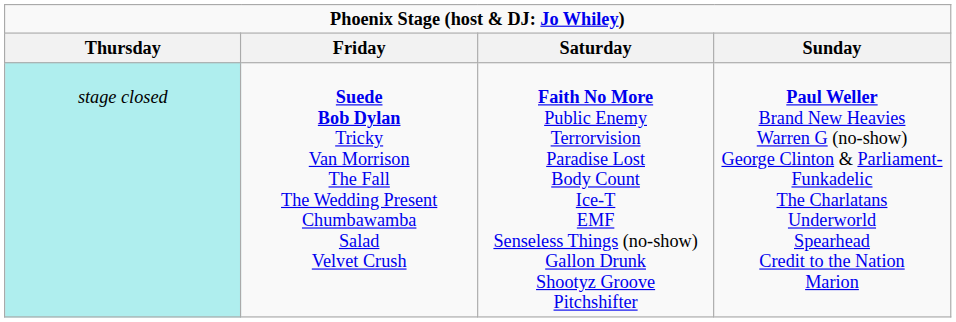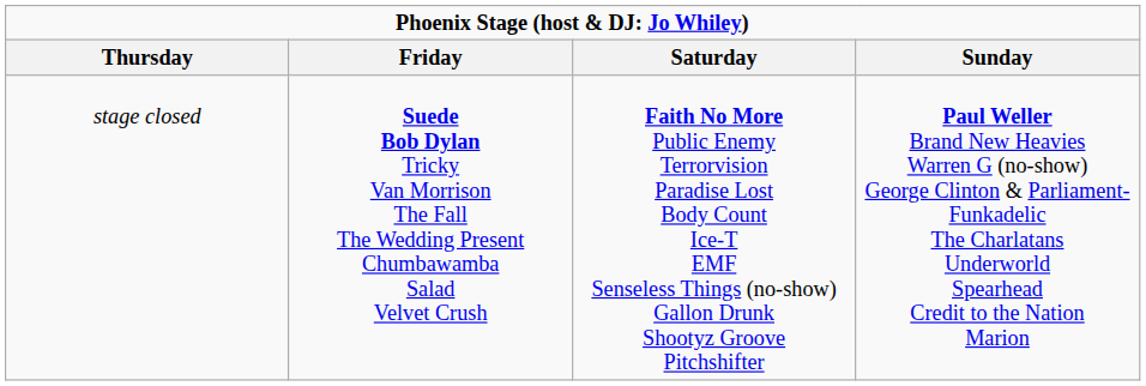 <table class="wikitable">
 <tr>
 <td colspan="4" style="text-align:center;"><strong>Phoenix Stage (host & DJ: <a href='#'>Jo Whiley</a>)</strong></td>
 </tr>
 <tr>
 <th>Thursday</th>
 <th>Friday</th>
 <th>Saturday</th>
 <th>Sunday</th>
 </tr>
 <tr>
-<td style="background: paleturquoise; text-align:center; vertical-align:top; width:200px;"><br><em>stage closed</em></td>
+<td style="text-align:center; vertical-align:top; width:200px;"><br><em>stage closed</em></td>
 <td style="text-align:center; vertical-align:top; width:200px;"><br><strong><a href='#'>Suede</a></strong><br> <strong><a href='#'>Bob Dylan</a></strong><br> <a href='#'>Tricky</a><br> <a href='#'>Van Morrison</a><br> <a href='#'>The Fall</a><br> <a href='#'>The Wedding Present</a><br> <a href='#'>Chumbawamba</a><br> <a href='#'>Salad</a><br> <a href='#'>Velvet Crush</a></td>
 <td style="text-align:center; vertical-align:top; width:200px;"><br><strong><a href='#'>Faith No More</a></strong><br> <a href='#'>Public Enemy</a><br> <a href='#'>Terrorvision</a><br> <a href='#'>Paradise Lost</a><br> <a href='#'>Body Count</a><br> <a href='#'>Ice-T</a><br> <a href='#'>EMF</a><br> <a href='#'>Senseless Things</a> (no-show)<br> <a href='#'>Gallon Drunk</a><br> <a href='#'>Shootyz Groove</a><br> <a href='#'>Pitchshifter</a></td>
 <td style="text-align:center; vertical-align:top; width:200px;"><br><strong><a href='#'>Paul Weller</a></strong><br> <a href='#'>Brand New Heavies</a><br> <a href='#'>Warren G</a> (no-show)<br> <a href='#'>George Clinton</a> & <a href='#'>Parliament-Funkadelic</a><br> <a href='#'>The Charlatans</a><br> <a href='#'>Underworld</a><br> <a href='#'>Spearhead</a><br> <a href='#'>Credit to the Nation</a><br> <a href='#'>Marion</a></td>
 </tr>
 </table>
